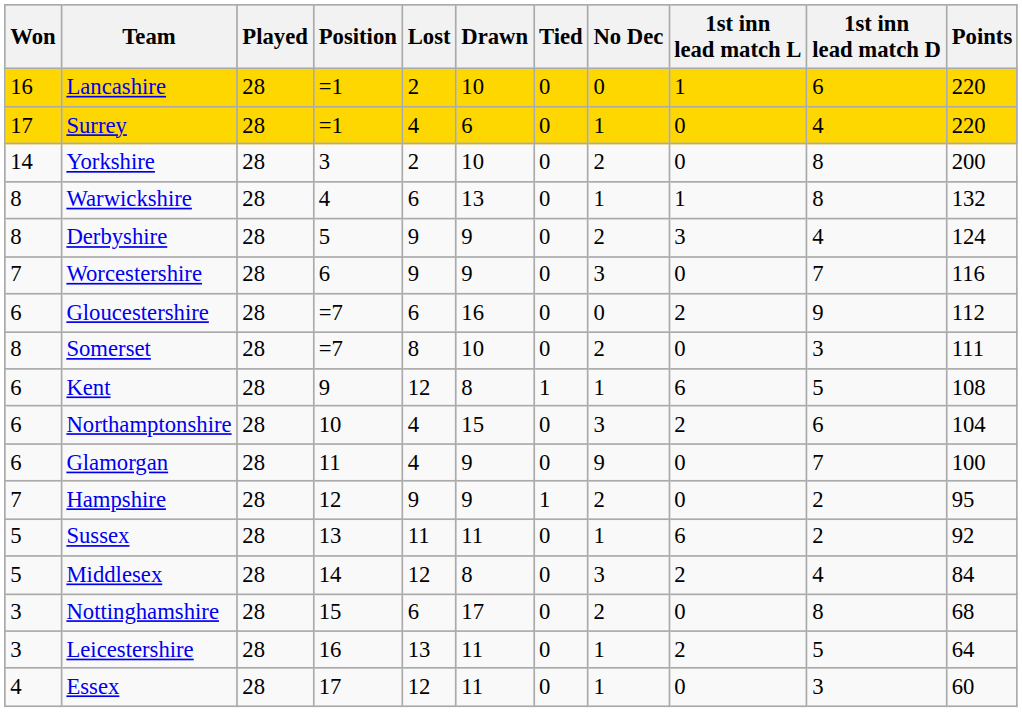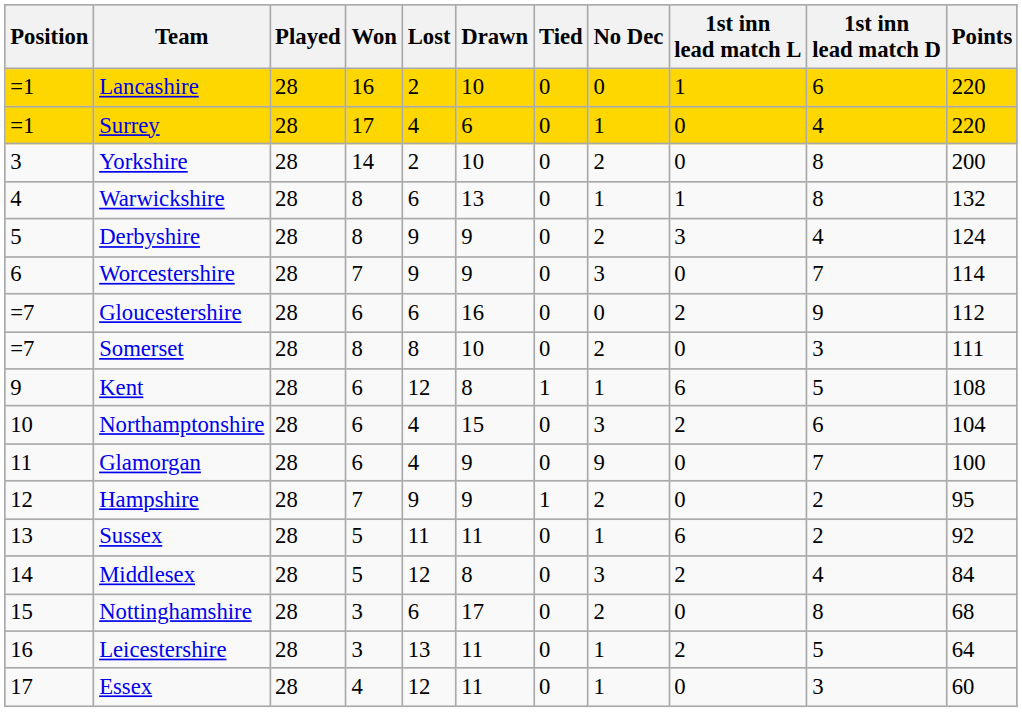 <table class="wikitable" style="font-size:85%;">
 <tr>
-<th>Won</th>
+<th>Position</th>
 <th>Team</th>
 <th>Played</th>
-<th>Position</th>
+<th>Won</th>
 <th>Lost</th>
 <th>Drawn</th>
 <th>Tied</th>
 <th>No Dec</th>
 <th>1st inn<br>lead match L</th>
 <th>1st inn<br>lead match D</th>
 <th>Points</th>
 </tr>
 <tr>
-<td bgcolor="gold">16</td>
+<td bgcolor="gold">=1</td>
 <td bgcolor="gold"><a href='#'>Lancashire</a></td>
 <td bgcolor="gold">28</td>
-<td bgcolor="gold">=1</td>
+<td bgcolor="gold">16</td>
 <td bgcolor="gold">2</td>
 <td bgcolor="gold">10</td>
 <td bgcolor="gold">0</td>
 <td bgcolor="gold">0</td>
 <td bgcolor="gold">1</td>
 <td bgcolor="gold">6</td>
 <td bgcolor="gold">220</td>
 </tr>
 <tr>
-<td bgcolor="gold">17</td>
+<td bgcolor="gold">=1</td>
 <td bgcolor="gold"><a href='#'>Surrey</a></td>
 <td bgcolor="gold">28</td>
-<td bgcolor="gold">=1</td>
+<td bgcolor="gold">17</td>
 <td bgcolor="gold">4</td>
 <td bgcolor="gold">6</td>
 <td bgcolor="gold">0</td>
 <td bgcolor="gold">1</td>
 <td bgcolor="gold">0</td>
 <td bgcolor="gold">4</td>
 <td bgcolor="gold">220</td>
 </tr>
 <tr>
-<td>14</td>
+<td>3</td>
 <td><a href='#'>Yorkshire</a></td>
 <td>28</td>
-<td>3</td>
+<td>14</td>
 <td>2</td>
 <td>10</td>
 <td>0</td>
 <td>2</td>
 <td>0</td>
 <td>8</td>
 <td>200</td>
 </tr>
 <tr>
-<td>8</td>
+<td>4</td>
 <td><a href='#'>Warwickshire</a></td>
 <td>28</td>
-<td>4</td>
+<td>8</td>
 <td>6</td>
 <td>13</td>
 <td>0</td>
 <td>1</td>
 <td>1</td>
 <td>8</td>
 <td>132</td>
 </tr>
 <tr>
-<td>8</td>
+<td>5</td>
 <td><a href='#'>Derbyshire</a></td>
 <td>28</td>
-<td>5</td>
+<td>8</td>
 <td>9</td>
 <td>9</td>
 <td>0</td>
 <td>2</td>
 <td>3</td>
 <td>4</td>
 <td>124</td>
 </tr>
 <tr>
-<td>7</td>
+<td>6</td>
 <td><a href='#'>Worcestershire</a></td>
 <td>28</td>
-<td>6</td>
+<td>7</td>
 <td>9</td>
 <td>9</td>
 <td>0</td>
 <td>3</td>
 <td>0</td>
 <td>7</td>
-<td>116</td>
+<td>114</td>
 </tr>
 <tr>
-<td>6</td>
+<td>=7</td>
 <td><a href='#'>Gloucestershire</a></td>
 <td>28</td>
-<td>=7</td>
+<td>6</td>
 <td>6</td>
 <td>16</td>
 <td>0</td>
 <td>0</td>
 <td>2</td>
 <td>9</td>
 <td>112</td>
 </tr>
 <tr>
-<td>8</td>
+<td>=7</td>
 <td><a href='#'>Somerset</a></td>
 <td>28</td>
-<td>=7</td>
+<td>8</td>
 <td>8</td>
 <td>10</td>
 <td>0</td>
 <td>2</td>
 <td>0</td>
 <td>3</td>
 <td>111</td>
 </tr>
 <tr>
-<td>6</td>
+<td>9</td>
 <td><a href='#'>Kent</a></td>
 <td>28</td>
-<td>9</td>
+<td>6</td>
 <td>12</td>
 <td>8</td>
 <td>1</td>
 <td>1</td>
 <td>6</td>
 <td>5</td>
 <td>108</td>
 </tr>
 <tr>
-<td>6</td>
+<td>10</td>
 <td><a href='#'>Northamptonshire</a></td>
 <td>28</td>
-<td>10</td>
+<td>6</td>
 <td>4</td>
 <td>15</td>
 <td>0</td>
 <td>3</td>
 <td>2</td>
 <td>6</td>
 <td>104</td>
 </tr>
 <tr>
-<td>6</td>
+<td>11</td>
 <td><a href='#'>Glamorgan</a></td>
 <td>28</td>
-<td>11</td>
+<td>6</td>
 <td>4</td>
 <td>9</td>
 <td>0</td>
 <td>9</td>
 <td>0</td>
 <td>7</td>
 <td>100</td>
 </tr>
 <tr>
-<td>7</td>
+<td>12</td>
 <td><a href='#'>Hampshire</a></td>
 <td>28</td>
-<td>12</td>
+<td>7</td>
 <td>9</td>
 <td>9</td>
 <td>1</td>
 <td>2</td>
 <td>0</td>
 <td>2</td>
 <td>95</td>
 </tr>
 <tr>
-<td>5</td>
+<td>13</td>
 <td><a href='#'>Sussex</a></td>
 <td>28</td>
-<td>13</td>
+<td>5</td>
 <td>11</td>
 <td>11</td>
 <td>0</td>
 <td>1</td>
 <td>6</td>
 <td>2</td>
 <td>92</td>
 </tr>
 <tr>
-<td>5</td>
+<td>14</td>
 <td><a href='#'>Middlesex</a></td>
 <td>28</td>
-<td>14</td>
+<td>5</td>
 <td>12</td>
 <td>8</td>
 <td>0</td>
 <td>3</td>
 <td>2</td>
 <td>4</td>
 <td>84</td>
 </tr>
 <tr>
-<td>3</td>
+<td>15</td>
 <td><a href='#'>Nottinghamshire</a></td>
 <td>28</td>
-<td>15</td>
+<td>3</td>
 <td>6</td>
 <td>17</td>
 <td>0</td>
 <td>2</td>
 <td>0</td>
 <td>8</td>
 <td>68</td>
 </tr>
 <tr>
-<td>3</td>
+<td>16</td>
 <td><a href='#'>Leicestershire</a></td>
 <td>28</td>
-<td>16</td>
+<td>3</td>
 <td>13</td>
 <td>11</td>
 <td>0</td>
 <td>1</td>
 <td>2</td>
 <td>5</td>
 <td>64</td>
 </tr>
 <tr>
-<td>4</td>
+<td>17</td>
 <td><a href='#'>Essex</a></td>
 <td>28</td>
-<td>17</td>
+<td>4</td>
 <td>12</td>
 <td>11</td>
 <td>0</td>
 <td>1</td>
 <td>0</td>
 <td>3</td>
 <td>60</td>
 </tr>
 </table>
